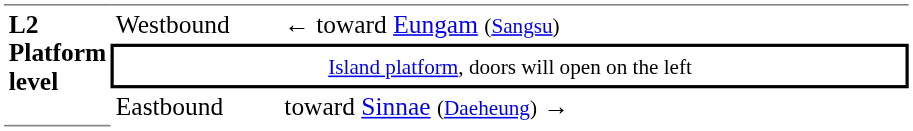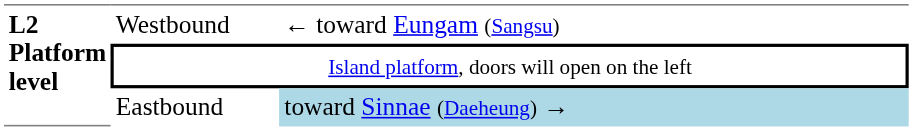 <table table border=0 cellspacing=0 cellpadding=3>
 <tr>
 <td style="border-top:solid 1px gray;border-bottom:solid 1px gray;" width=50 rowspan=10 valign=top><strong>L2<br>Platform level</strong></td>
 <td style="border-bottom:solid 0px gray;border-top:solid 1px gray;" width=100>Westbound</td>
 <td style="border-bottom:solid 0px gray;border-top:solid 1px gray;" width=390>←  toward <a href='#'>Eungam</a> <small>(<a href='#'>Sangsu</a>)</small></td>
 </tr>
 <tr>
 <td style="border-top:solid 2px black;border-right:solid 2px black;border-left:solid 2px black;border-bottom:solid 2px black;text-align:center;" colspan=2><small><a href='#'>Island platform</a>, doors will open on the left </small></td>
 </tr>
 <tr>
 <td>Eastbound</td>
-<td>  toward <a href='#'>Sinnae</a> <small>(<a href='#'>Daeheung</a>)</small> →</td>
+<td style="background: lightblue;">  toward <a href='#'>Sinnae</a> <small>(<a href='#'>Daeheung</a>)</small> →</td>
 </tr>
 </table>
